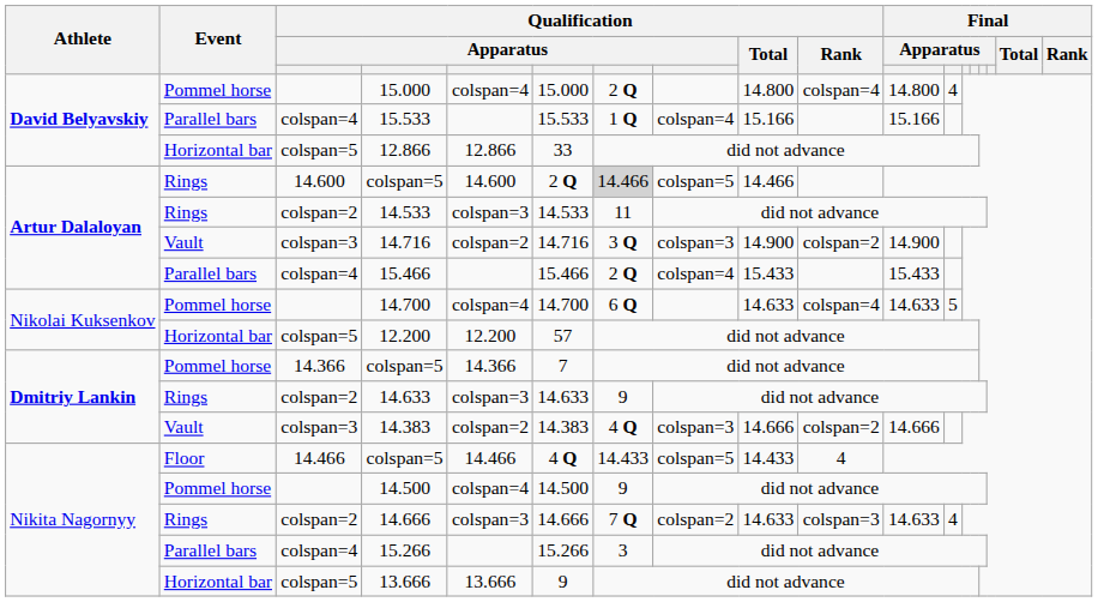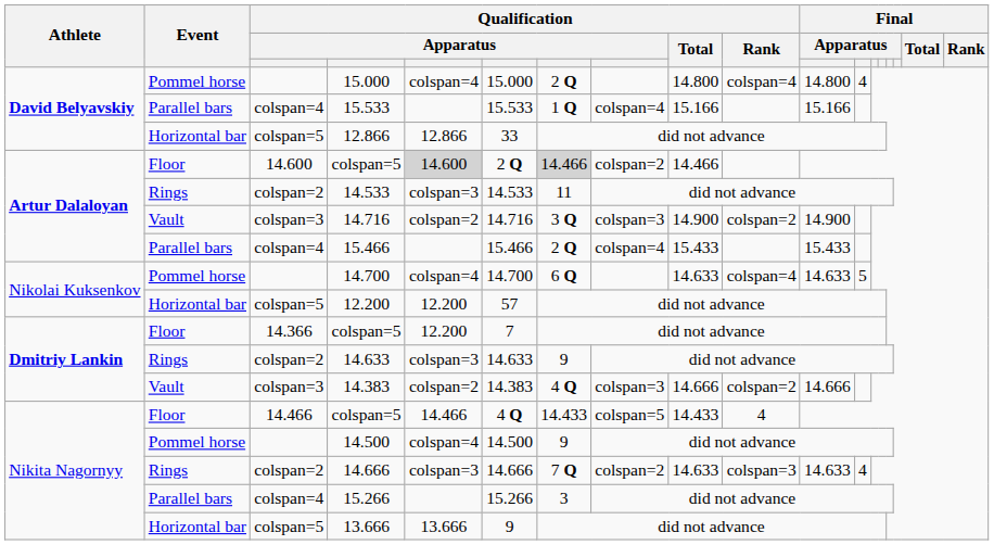 <table class="wikitable" style="font-size:90%">
 <tr>
 <th rowspan=3>Athlete</th>
 <th rowspan=3>Event</th>
 <th colspan =8>Qualification</th>
 <th colspan =8>Final</th>
 </tr>
 <tr style="font-size:95%">
 <th colspan=6>Apparatus</th>
 <th rowspan=2>Total</th>
 <th rowspan=2>Rank</th>
 <th colspan=6>Apparatus</th>
 <th rowspan=2>Total</th>
 <th rowspan=2>Rank</th>
 </tr>
 <tr style="font-size:95%">
 <th></th>
 <th></th>
 <th></th>
 <th></th>
 <th></th>
 <th></th>
 <th></th>
 <th></th>
 <th></th>
 <th></th>
 <th></th>
 <th></th>
 </tr>
 <tr align=center>
 <td align=left rowspan=3><strong><a href='#'>David Belyavskiy</a></strong></td>
 <td align=left><a href='#'>Pommel horse</a></td>
 <td></td>
 <td>15.000</td>
 <td>colspan=4 </td>
 <td>15.000</td>
 <td>2 <strong>Q</strong></td>
 <td></td>
 <td>14.800</td>
 <td>colspan=4 </td>
 <td>14.800</td>
 <td>4</td>
 </tr>
 <tr align=center>
 <td align=left><a href='#'>Parallel bars</a></td>
 <td>colspan=4 </td>
 <td>15.533</td>
 <td></td>
 <td>15.533</td>
 <td>1 <strong>Q</strong></td>
 <td>colspan=4 </td>
 <td>15.166</td>
 <td></td>
 <td>15.166</td>
 <td></td>
 </tr>
 <tr align=center>
 <td align=left><a href='#'>Horizontal bar</a></td>
 <td>colspan=5 </td>
 <td>12.866</td>
 <td>12.866</td>
 <td>33</td>
 <td colspan=8>did not advance</td>
 </tr>
 <tr align=center>
 <td align=left rowspan=4><strong><a href='#'>Artur Dalaloyan</a></strong></td>
-<td align=left><a href='#'>Rings</a></td>
+<td align=left><a href='#'>Floor</a></td>
 <td>14.600</td>
 <td>colspan=5 </td>
-<td>14.600</td>
+<td style="background: lightgrey;">14.600</td>
 <td>2 <strong>Q</strong></td>
 <td style="background: lightgrey;">14.466</td>
-<td>colspan=5 </td>
+<td>colspan=2 </td>
 <td>14.466</td>
 <td></td>
 </tr>
 <tr align=center>
 <td align=left><a href='#'>Rings</a></td>
 <td>colspan=2 </td>
 <td>14.533</td>
 <td>colspan=3 </td>
 <td>14.533</td>
 <td>11</td>
 <td colspan=8>did not advance</td>
 </tr>
 <tr align=center>
 <td align=left><a href='#'>Vault</a></td>
 <td>colspan=3 </td>
 <td>14.716</td>
 <td>colspan=2 </td>
 <td>14.716</td>
 <td>3 <strong>Q</strong></td>
 <td>colspan=3 </td>
 <td>14.900</td>
 <td>colspan=2 </td>
 <td>14.900</td>
 <td></td>
 </tr>
 <tr align=center>
 <td align=left><a href='#'>Parallel bars</a></td>
 <td>colspan=4 </td>
 <td>15.466</td>
 <td></td>
 <td>15.466</td>
 <td>2 <strong>Q</strong></td>
 <td>colspan=4 </td>
 <td>15.433</td>
 <td></td>
 <td>15.433</td>
 <td></td>
 </tr>
 <tr align=center>
 <td align=left rowspan=2><a href='#'>Nikolai Kuksenkov</a></td>
 <td align=left><a href='#'>Pommel horse</a></td>
 <td></td>
 <td>14.700</td>
 <td>colspan=4 </td>
 <td>14.700</td>
 <td>6 <strong>Q</strong></td>
 <td></td>
 <td>14.633</td>
 <td>colspan=4 </td>
 <td>14.633</td>
 <td>5</td>
 </tr>
 <tr align=center>
 <td align=left><a href='#'>Horizontal bar</a></td>
 <td>colspan=5 </td>
 <td>12.200</td>
 <td>12.200</td>
 <td>57</td>
 <td colspan=8>did not advance</td>
 </tr>
 <tr align=center>
 <td align=left rowspan=3><strong><a href='#'>Dmitriy Lankin</a></strong></td>
-<td align=left><a href='#'>Pommel horse</a></td>
+<td align=left><a href='#'>Floor</a></td>
 <td>14.366</td>
 <td>colspan=5 </td>
-<td>14.366</td>
+<td>12.200</td>
 <td>7</td>
 <td colspan=8>did not advance</td>
 </tr>
 <tr align=center>
 <td align=left><a href='#'>Rings</a></td>
 <td>colspan=2 </td>
 <td>14.633</td>
 <td>colspan=3 </td>
 <td>14.633</td>
 <td>9</td>
 <td colspan=8>did not advance</td>
 </tr>
 <tr align=center>
 <td align=left><a href='#'>Vault</a></td>
 <td>colspan=3 </td>
 <td>14.383</td>
 <td>colspan=2 </td>
 <td>14.383</td>
 <td>4 <strong>Q</strong></td>
 <td>colspan=3 </td>
 <td>14.666</td>
 <td>colspan=2 </td>
 <td>14.666</td>
 <td></td>
 </tr>
 <tr align=center>
 <td align=left rowspan=5><a href='#'>Nikita Nagornyy</a></td>
 <td align=left><a href='#'>Floor</a></td>
 <td>14.466</td>
 <td>colspan=5 </td>
 <td>14.466</td>
 <td>4 <strong>Q</strong></td>
 <td>14.433</td>
 <td>colspan=5 </td>
 <td>14.433</td>
 <td>4</td>
 </tr>
 <tr align=center>
 <td align=left><a href='#'>Pommel horse</a></td>
 <td></td>
 <td>14.500</td>
 <td>colspan=4 </td>
 <td>14.500</td>
 <td>9</td>
 <td colspan=8>did not advance</td>
 </tr>
 <tr align=center>
 <td align=left><a href='#'>Rings</a></td>
 <td>colspan=2 </td>
 <td>14.666</td>
 <td>colspan=3 </td>
 <td>14.666</td>
 <td>7 <strong>Q</strong></td>
 <td>colspan=2 </td>
 <td>14.633</td>
 <td>colspan=3 </td>
 <td>14.633</td>
 <td>4</td>
 </tr>
 <tr align=center>
 <td align=left><a href='#'>Parallel bars</a></td>
 <td>colspan=4 </td>
 <td>15.266</td>
 <td></td>
 <td>15.266</td>
 <td>3</td>
 <td colspan=8>did not advance</td>
 </tr>
 <tr align=center>
 <td align=left><a href='#'>Horizontal bar</a></td>
 <td>colspan=5 </td>
 <td>13.666</td>
 <td>13.666</td>
 <td>9</td>
 <td colspan=8>did not advance</td>
 </tr>
 </table>
